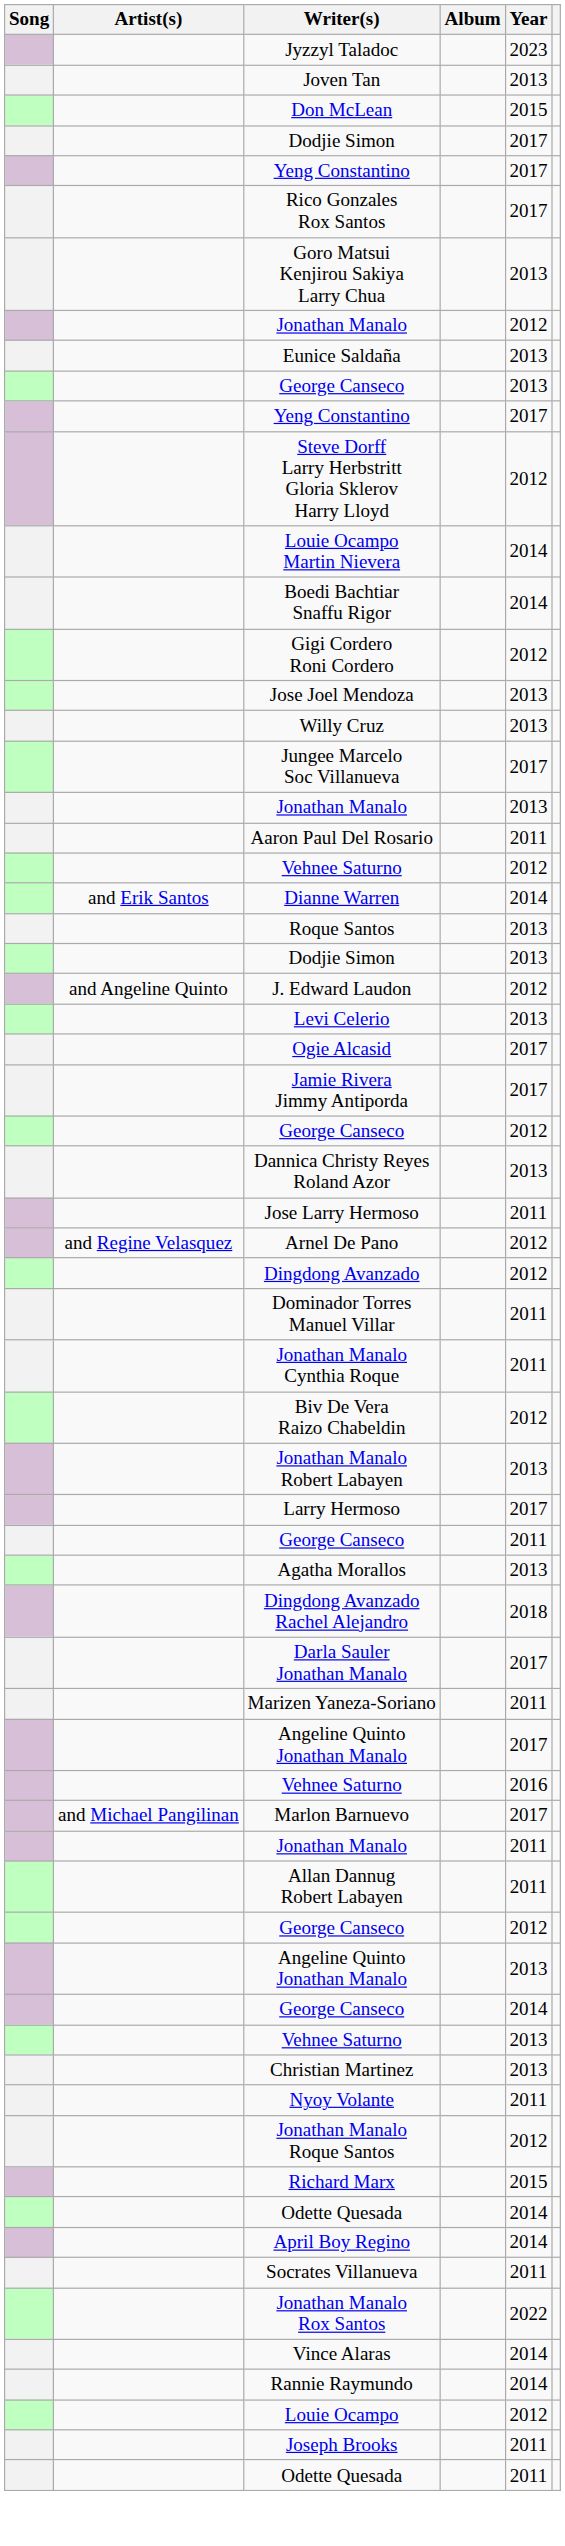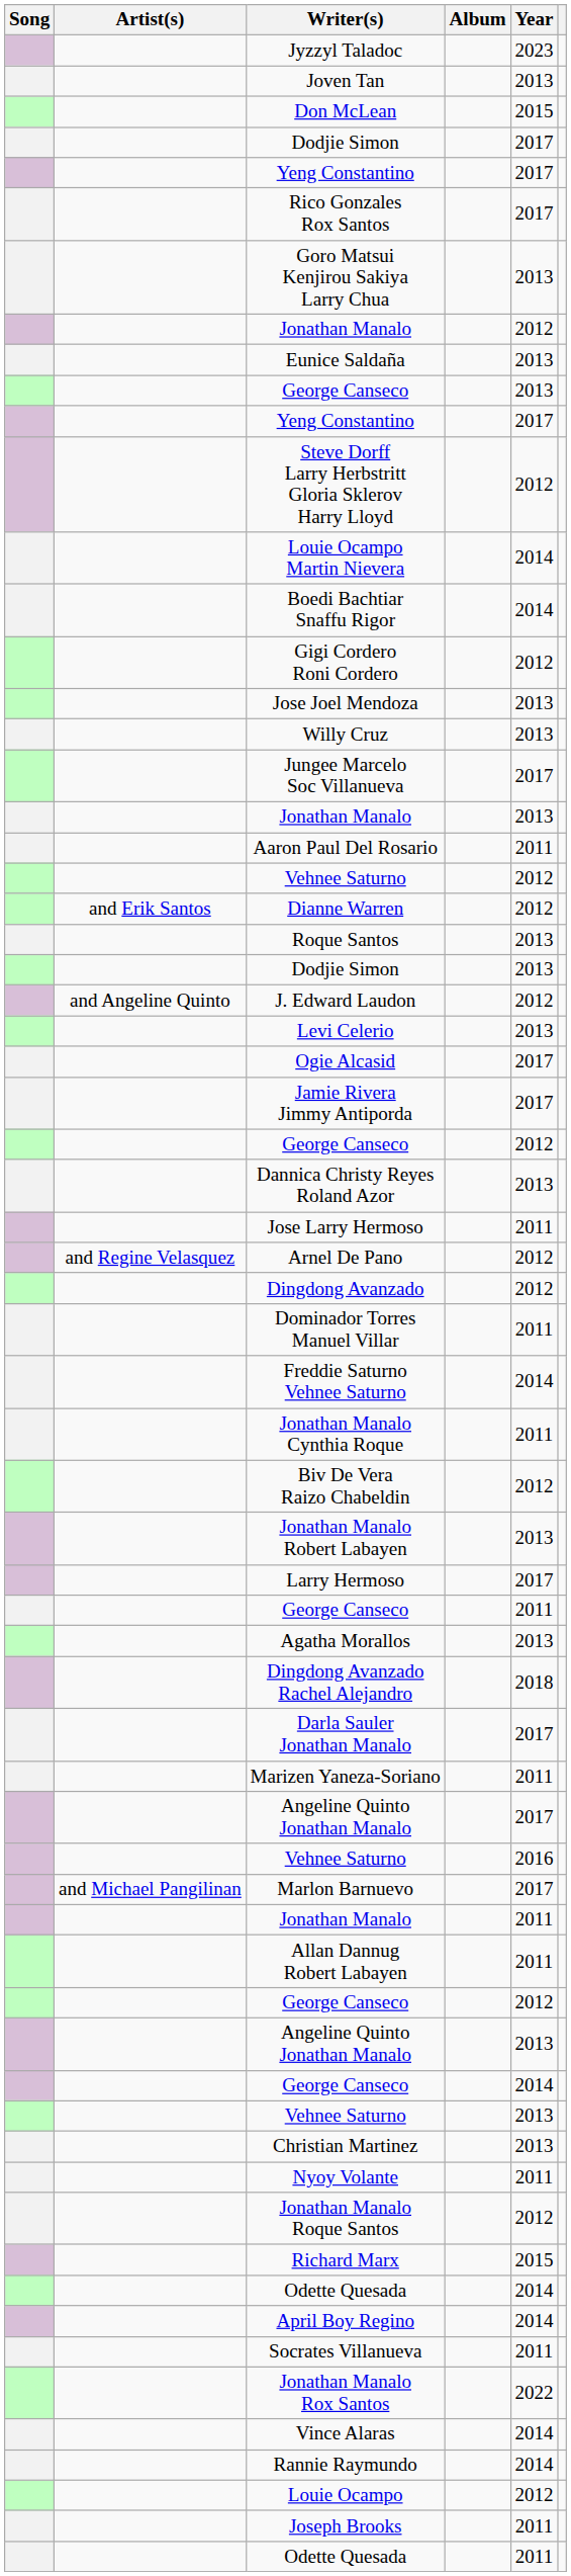 <table class="wikitable sortable plainrowheaders" style="text-align:center;">
 <tr>
 <th scope="col">Song</th>
 <th scope="col">Artist(s)</th>
 <th scope="col" class="unsortable">Writer(s)</th>
 <th scope="col">Album</th>
 <th scope="col">Year</th>
 <th scope="col" class="unsortable"></th>
 </tr>
 <tr>
 <th scope=row style="background:thistle;">  </th>
 <td><br></td>
 <td>Jyzzyl Taladoc</td>
 <td> </td>
 <td>2023</td>
 <td></td>
 </tr>
 <tr>
 <th scope="row"></th>
 <td></td>
 <td>Joven Tan</td>
 <td></td>
 <td>2013</td>
 <td></td>
 </tr>
 <tr>
 <th scope="row" style="background-color:#BFFFC0;"> </th>
 <td></td>
 <td><a href='#'>Don McLean</a></td>
 <td> </td>
 <td>2015</td>
 <td></td>
 </tr>
 <tr>
 <th scope="row"></th>
 <td></td>
 <td>Dodjie Simon</td>
 <td></td>
 <td>2017</td>
 <td></td>
 </tr>
 <tr>
 <th scope="row" style="background:thistle;"> </th>
 <td></td>
 <td><a href='#'>Yeng Constantino</a></td>
 <td></td>
 <td>2017</td>
 <td></td>
 </tr>
 <tr>
 <th scope="row"></th>
 <td></td>
 <td>Rico Gonzales<br>Rox Santos</td>
 <td></td>
 <td>2017</td>
 <td></td>
 </tr>
 <tr>
 <th scope="row"> </th>
 <td></td>
 <td>Goro Matsui<br>Kenjirou Sakiya<br>Larry Chua</td>
 <td></td>
 <td>2013</td>
 <td></td>
 </tr>
 <tr>
 <th scope="row" style="background:thistle;"> </th>
 <td></td>
 <td><a href='#'>Jonathan Manalo</a></td>
 <td></td>
 <td>2012</td>
 <td></td>
 </tr>
 <tr>
 <th scope="row"></th>
 <td></td>
 <td>Eunice Saldaña</td>
 <td></td>
 <td>2013</td>
 <td></td>
 </tr>
 <tr>
 <th scope="row" style="background-color:#BFFFC0;">  </th>
 <td></td>
 <td><a href='#'>George Canseco</a></td>
 <td> </td>
 <td>2013</td>
 <td></td>
 </tr>
 <tr>
 <th scope="row" style="background:thistle;"> </th>
 <td></td>
 <td><a href='#'>Yeng Constantino</a></td>
 <td></td>
 <td>2017</td>
 <td></td>
 </tr>
 <tr>
 <th scope="row" style="background:thistle;">  </th>
 <td></td>
 <td><a href='#'>Steve Dorff</a><br>Larry Herbstritt<br>Gloria Sklerov<br>Harry Lloyd</td>
 <td></td>
 <td>2012</td>
 <td></td>
 </tr>
 <tr>
 <th scope="row"></th>
 <td></td>
 <td><a href='#'>Louie Ocampo</a><br><a href='#'>Martin Nievera</a></td>
 <td></td>
 <td>2014</td>
 <td></td>
 </tr>
 <tr>
 <th scope="row"> </th>
 <td></td>
 <td>Boedi Bachtiar<br>Snaffu Rigor</td>
 <td></td>
 <td>2014</td>
 <td></td>
 </tr>
 <tr>
 <th scope="row" style="background-color:#BFFFC0;">  </th>
 <td></td>
 <td>Gigi Cordero<br>Roni Cordero</td>
 <td></td>
 <td>2012</td>
 <td></td>
 </tr>
 <tr>
 <th scope="row" style="background-color:#BFFFC0;">  </th>
 <td></td>
 <td>Jose Joel Mendoza</td>
 <td> </td>
 <td>2013</td>
 <td></td>
 </tr>
 <tr>
 <th scope="row"></th>
 <td></td>
 <td>Willy Cruz</td>
 <td></td>
 <td>2013</td>
 <td></td>
 </tr>
 <tr>
 <th scope="row" style="background-color:#BFFFC0;"> </th>
 <td></td>
 <td>Jungee Marcelo<br>Soc Villanueva</td>
 <td> </td>
 <td>2017</td>
 <td></td>
 </tr>
 <tr>
 <th scope="row"></th>
 <td></td>
 <td><a href='#'>Jonathan Manalo</a></td>
 <td></td>
 <td>2013</td>
 <td></td>
 </tr>
 <tr>
 <th scope="row"></th>
 <td></td>
 <td>Aaron Paul Del Rosario</td>
 <td></td>
 <td>2011</td>
 <td></td>
 </tr>
 <tr>
 <th scope="row" style="background-color:#BFFFC0;">  </th>
 <td></td>
 <td><a href='#'>Vehnee Saturno</a></td>
 <td></td>
 <td>2012</td>
 <td></td>
 </tr>
 <tr>
 <th scope="row" style="background-color:#BFFFC0;">   </th>
 <td> and <a href='#'>Erik Santos</a></td>
 <td><a href='#'>Dianne Warren</a></td>
 <td></td>
-<td>2014</td>
+<td>2012</td>
 <td></td>
 </tr>
 <tr>
 <th scope="row"></th>
 <td></td>
 <td>Roque Santos</td>
 <td></td>
 <td>2013</td>
 <td></td>
 </tr>
 <tr>
 <th scope="row" style="background-color:#BFFFC0;"> </th>
 <td></td>
 <td>Dodjie Simon</td>
 <td> </td>
 <td>2013</td>
 <td></td>
 </tr>
 <tr>
 <th scope=row style="background:thistle;"> </th>
 <td> and Angeline Quinto</td>
 <td>J. Edward Laudon</td>
 <td></td>
 <td>2012</td>
 <td></td>
 </tr>
 <tr>
 <th scope="row" style="background-color:#BFFFC0;">  </th>
 <td></td>
 <td><a href='#'>Levi Celerio</a></td>
 <td> </td>
 <td>2013</td>
 <td></td>
 </tr>
 <tr>
 <th scope="row"></th>
 <td></td>
 <td><a href='#'>Ogie Alcasid</a></td>
 <td></td>
 <td>2017</td>
 <td></td>
 </tr>
 <tr>
 <th scope=row></th>
 <td></td>
 <td><a href='#'>Jamie Rivera</a><br>Jimmy Antiporda</td>
 <td></td>
 <td>2017</td>
 <td></td>
 </tr>
 <tr>
 <th scope="row" style="background-color:#BFFFC0;">  </th>
 <td></td>
 <td><a href='#'>George Canseco</a></td>
 <td></td>
 <td>2012</td>
 <td></td>
 </tr>
 <tr>
 <th scope="row"></th>
 <td></td>
 <td>Dannica Christy Reyes<br>Roland Azor</td>
 <td></td>
 <td>2013</td>
 <td></td>
 </tr>
 <tr>
 <th scope="row" style="background:thistle;"> </th>
 <td></td>
 <td>Jose Larry Hermoso</td>
 <td></td>
 <td>2011</td>
 <td></td>
 </tr>
 <tr>
 <th scope="row" style="background:thistle;">  </th>
 <td> and <a href='#'>Regine Velasquez</a></td>
 <td>Arnel De Pano</td>
 <td></td>
 <td>2012</td>
 <td></td>
 </tr>
 <tr>
 <th scope="row" style="background-color:#BFFFC0;">   </th>
 <td></td>
 <td><a href='#'>Dingdong Avanzado</a></td>
 <td></td>
 <td>2012</td>
 <td></td>
 </tr>
 <tr>
 <th scope="row"></th>
 <td></td>
 <td>Dominador Torres<br>Manuel Villar</td>
 <td></td>
 <td>2011</td>
+<td></td>
+</tr>
+<tr>
+<th scope="row"></th>
+<td></td>
+<td>Freddie Saturno<br><a href='#'>Vehnee Saturno</a></td>
+<td></td>
+<td>2014</td>
 <td></td>
 </tr>
 <tr>
 <th scope="row"></th>
 <td></td>
 <td><a href='#'>Jonathan Manalo</a><br>Cynthia Roque</td>
 <td></td>
 <td>2011</td>
 <td></td>
 </tr>
 <tr>
 <th scope="row" style="background-color:#BFFFC0;">   </th>
 <td></td>
 <td>Biv De Vera<br>Raizo Chabeldin</td>
 <td></td>
 <td>2012</td>
 <td></td>
 </tr>
 <tr>
 <th scope="row" style="background:thistle;"> </th>
 <td></td>
 <td><a href='#'>Jonathan Manalo</a><br>Robert Labayen</td>
 <td></td>
 <td>2013</td>
 <td></td>
 </tr>
 <tr>
 <th scope="row" style="background:thistle;"> </th>
 <td></td>
 <td>Larry Hermoso</td>
 <td></td>
 <td>2017</td>
 <td></td>
 </tr>
 <tr>
 <th scope="row"></th>
 <td></td>
 <td><a href='#'>George Canseco</a></td>
 <td></td>
 <td>2011</td>
 <td></td>
 </tr>
 <tr>
 <th scope="row" style="background-color:#BFFFC0;">  </th>
 <td></td>
 <td>Agatha Morallos</td>
 <td> </td>
 <td>2013</td>
 <td></td>
 </tr>
 <tr>
 <th scope=row style="background:thistle;">  </th>
 <td><br></td>
 <td><a href='#'>Dingdong Avanzado</a><br><a href='#'>Rachel Alejandro</a></td>
 <td></td>
 <td>2018</td>
 <td></td>
 </tr>
 <tr>
 <th scope="row"></th>
 <td></td>
 <td><a href='#'>Darla Sauler</a><br><a href='#'>Jonathan Manalo</a></td>
 <td></td>
 <td>2017</td>
 <td></td>
 </tr>
 <tr>
 <th scope="row"></th>
 <td></td>
 <td>Marizen Yaneza-Soriano</td>
 <td></td>
 <td>2011</td>
 <td></td>
 </tr>
 <tr>
 <th scope="row" style="background:thistle;"> </th>
 <td></td>
 <td>Angeline Quinto<br><a href='#'>Jonathan Manalo</a></td>
 <td></td>
 <td>2017</td>
 <td></td>
 </tr>
 <tr>
 <th scope=row style="background:thistle;"> </th>
 <td><br></td>
 <td><a href='#'>Vehnee Saturno</a></td>
 <td></td>
 <td>2016</td>
 <td></td>
 </tr>
 <tr>
 <th scope="row" style="background:thistle;"> </th>
 <td> and <a href='#'>Michael Pangilinan</a></td>
 <td>Marlon Barnuevo</td>
 <td></td>
 <td>2017</td>
 <td></td>
 </tr>
 <tr>
 <th scope="row" style="background:thistle;"> </th>
 <td></td>
 <td><a href='#'>Jonathan Manalo</a></td>
 <td></td>
 <td>2011</td>
 <td></td>
 </tr>
 <tr>
 <th scope="row" style="background-color:#BFFFC0;"> </th>
 <td></td>
 <td>Allan Dannug<br>Robert Labayen</td>
 <td> </td>
 <td>2011</td>
 <td></td>
 </tr>
 <tr>
 <th scope="row" style="background-color:#BFFFC0;">   </th>
 <td></td>
 <td><a href='#'>George Canseco</a></td>
 <td></td>
 <td>2012</td>
 <td></td>
 </tr>
 <tr>
 <th scope="row" style="background:thistle;"> </th>
 <td></td>
 <td>Angeline Quinto<br><a href='#'>Jonathan Manalo</a></td>
 <td></td>
 <td>2013</td>
 <td></td>
 </tr>
 <tr>
 <th scope="row" style="background:thistle;"> </th>
 <td></td>
 <td><a href='#'>George Canseco</a></td>
 <td></td>
 <td>2014</td>
 <td></td>
 </tr>
 <tr>
 <th scope="row" style="background-color:#BFFFC0;"> </th>
 <td></td>
 <td><a href='#'>Vehnee Saturno</a></td>
 <td> </td>
 <td>2013</td>
 <td></td>
 </tr>
 <tr>
 <th scope="row"></th>
 <td></td>
 <td>Christian Martinez</td>
 <td></td>
 <td>2013</td>
 <td></td>
 </tr>
 <tr>
 <th scope="row"></th>
 <td></td>
 <td><a href='#'>Nyoy Volante</a></td>
 <td></td>
 <td>2011</td>
 <td></td>
 </tr>
 <tr>
 <th scope="row"> </th>
 <td></td>
 <td><a href='#'>Jonathan Manalo</a><br>Roque Santos</td>
 <td></td>
 <td>2012</td>
 <td></td>
 </tr>
 <tr>
 <th scope=row style="background:thistle;"> </th>
 <td><br></td>
 <td><a href='#'>Richard Marx</a></td>
 <td></td>
 <td>2015</td>
 <td></td>
 </tr>
 <tr>
 <th scope="row" style="background-color:#BFFFC0;"> </th>
 <td></td>
 <td>Odette Quesada</td>
 <td> </td>
 <td>2014</td>
 <td></td>
 </tr>
 <tr>
 <th scope="row" style="background:thistle;">  </th>
 <td></td>
 <td><a href='#'>April Boy Regino</a></td>
 <td></td>
 <td>2014</td>
 <td></td>
 </tr>
 <tr>
 <th scope="row"> </th>
 <td></td>
 <td>Socrates Villanueva</td>
 <td></td>
 <td>2011</td>
 <td></td>
 </tr>
 <tr>
 <th scope="row" style="background-color:#BFFFC0;"> </th>
 <td></td>
 <td><a href='#'>Jonathan Manalo</a><br><a href='#'>Rox Santos</a></td>
 <td> </td>
 <td>2022</td>
 <td></td>
 </tr>
 <tr>
 <th scope="row"></th>
 <td></td>
 <td>Vince Alaras</td>
 <td></td>
 <td>2014</td>
 <td></td>
 </tr>
 <tr>
 <th scope="row"></th>
 <td></td>
 <td>Rannie Raymundo</td>
 <td></td>
 <td>2014</td>
 <td></td>
 </tr>
 <tr>
 <th scope="row" style="background-color:#BFFFC0;"> </th>
 <td></td>
 <td><a href='#'>Louie Ocampo</a></td>
 <td> </td>
 <td>2012</td>
 <td></td>
 </tr>
 <tr>
 <th scope="row"> </th>
 <td></td>
 <td><a href='#'>Joseph Brooks</a></td>
 <td></td>
 <td>2011</td>
 <td></td>
 </tr>
 <tr>
 <th scope="row"></th>
 <td></td>
 <td>Odette Quesada</td>
 <td></td>
 <td>2011</td>
 <td></td>
 </tr>
 </table>
